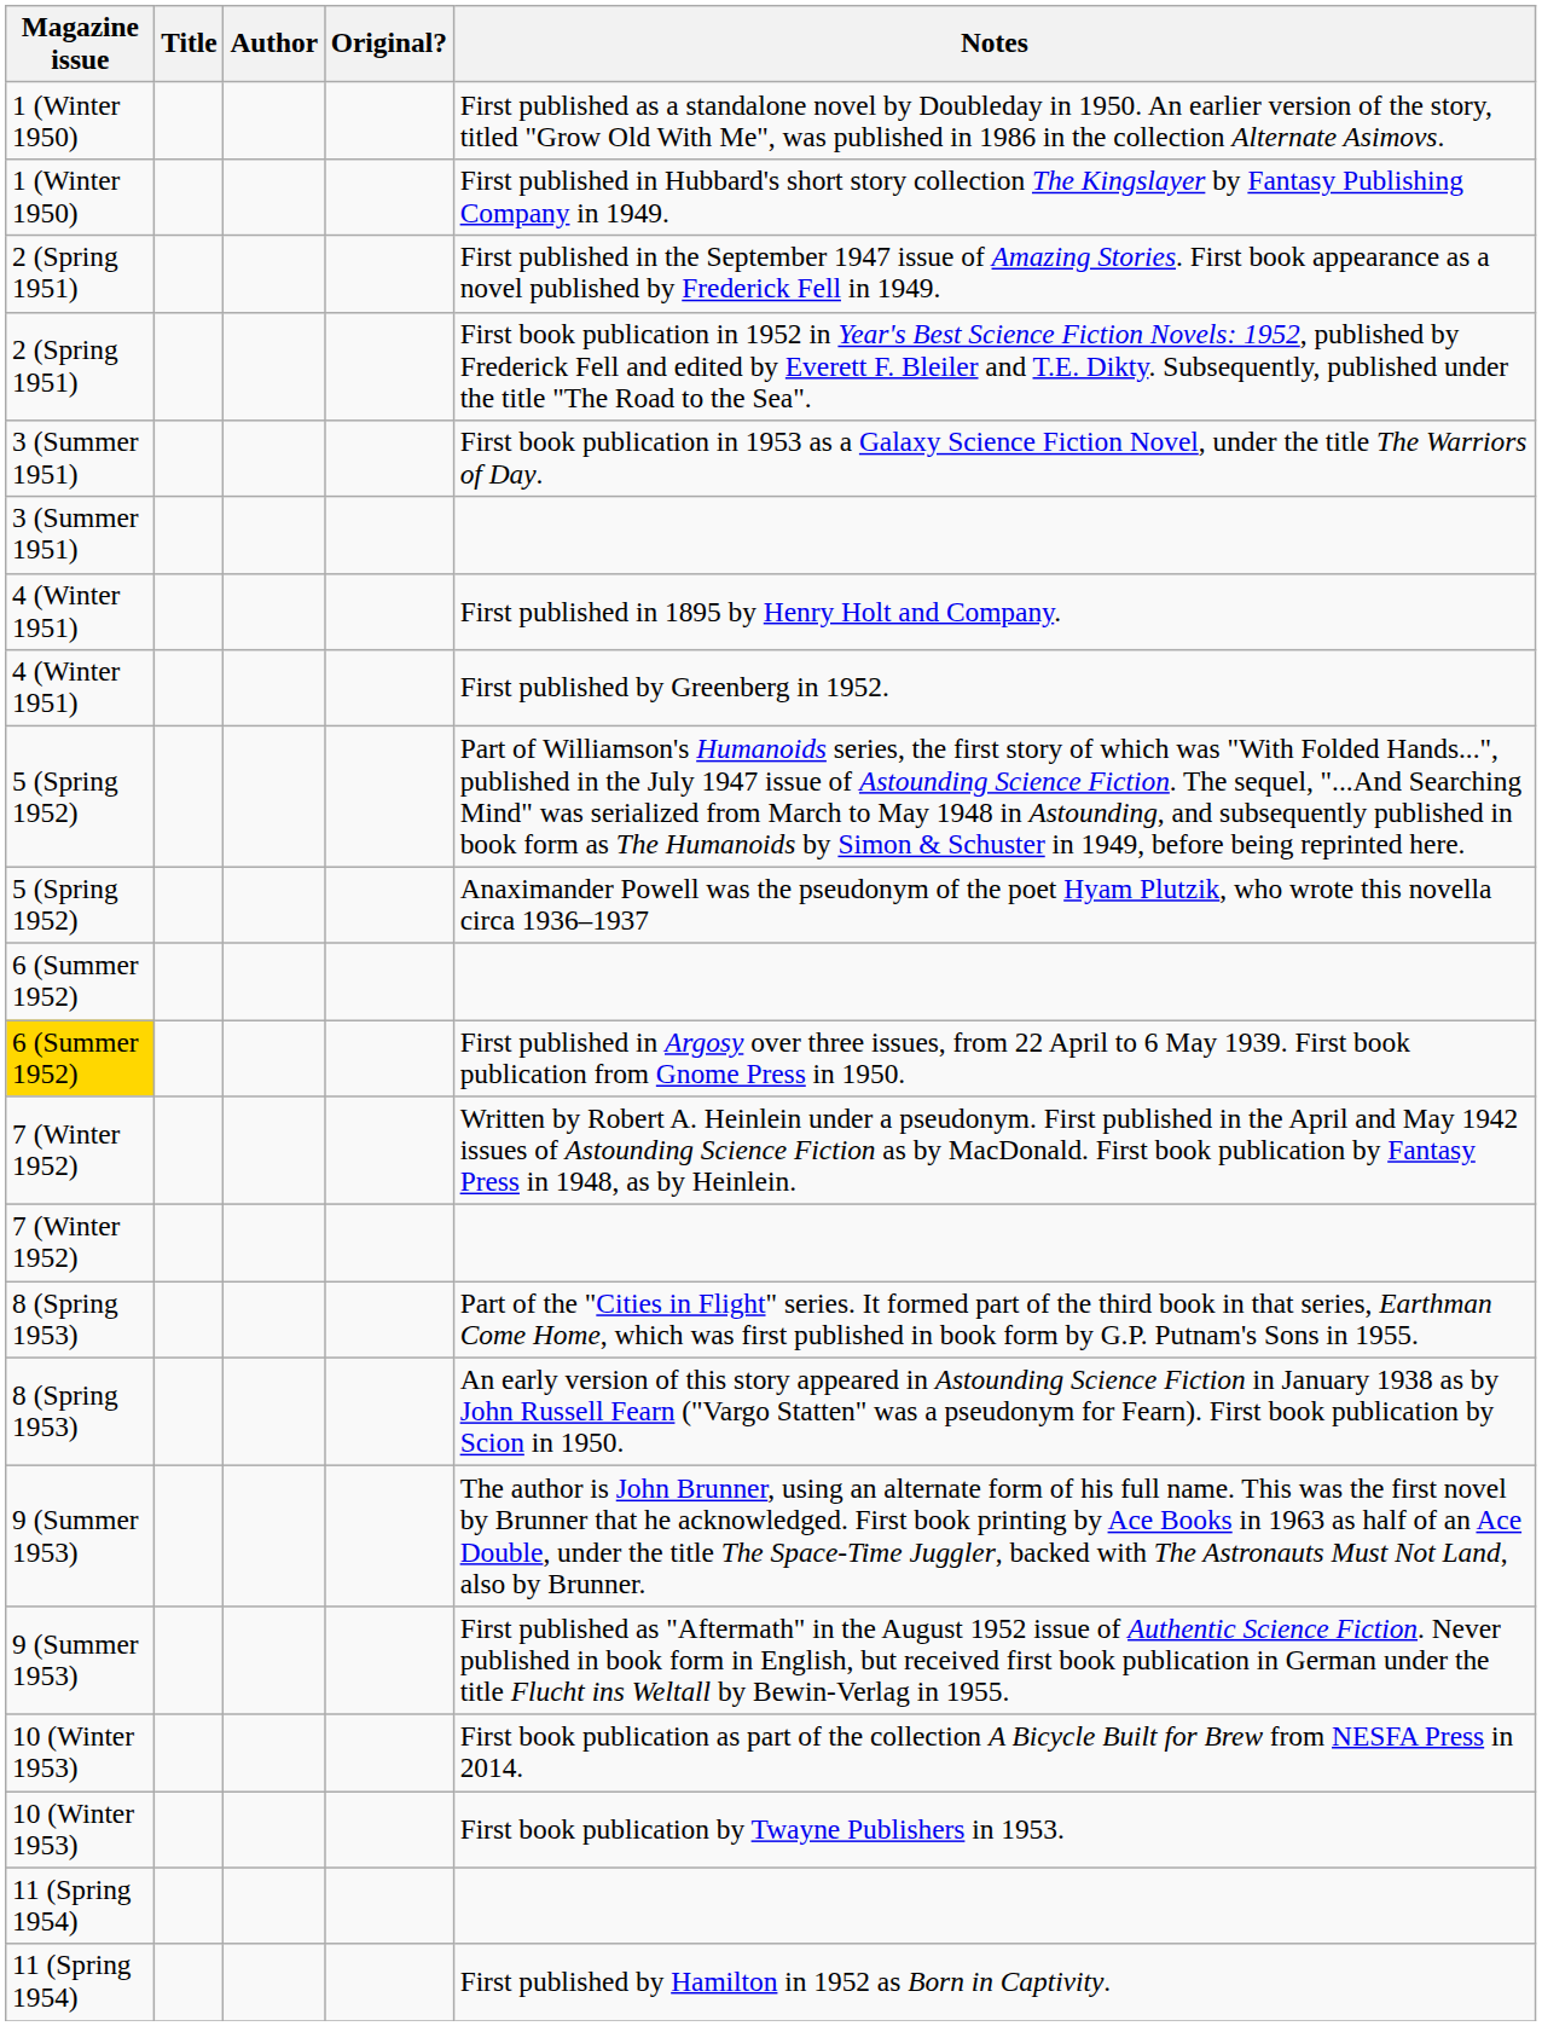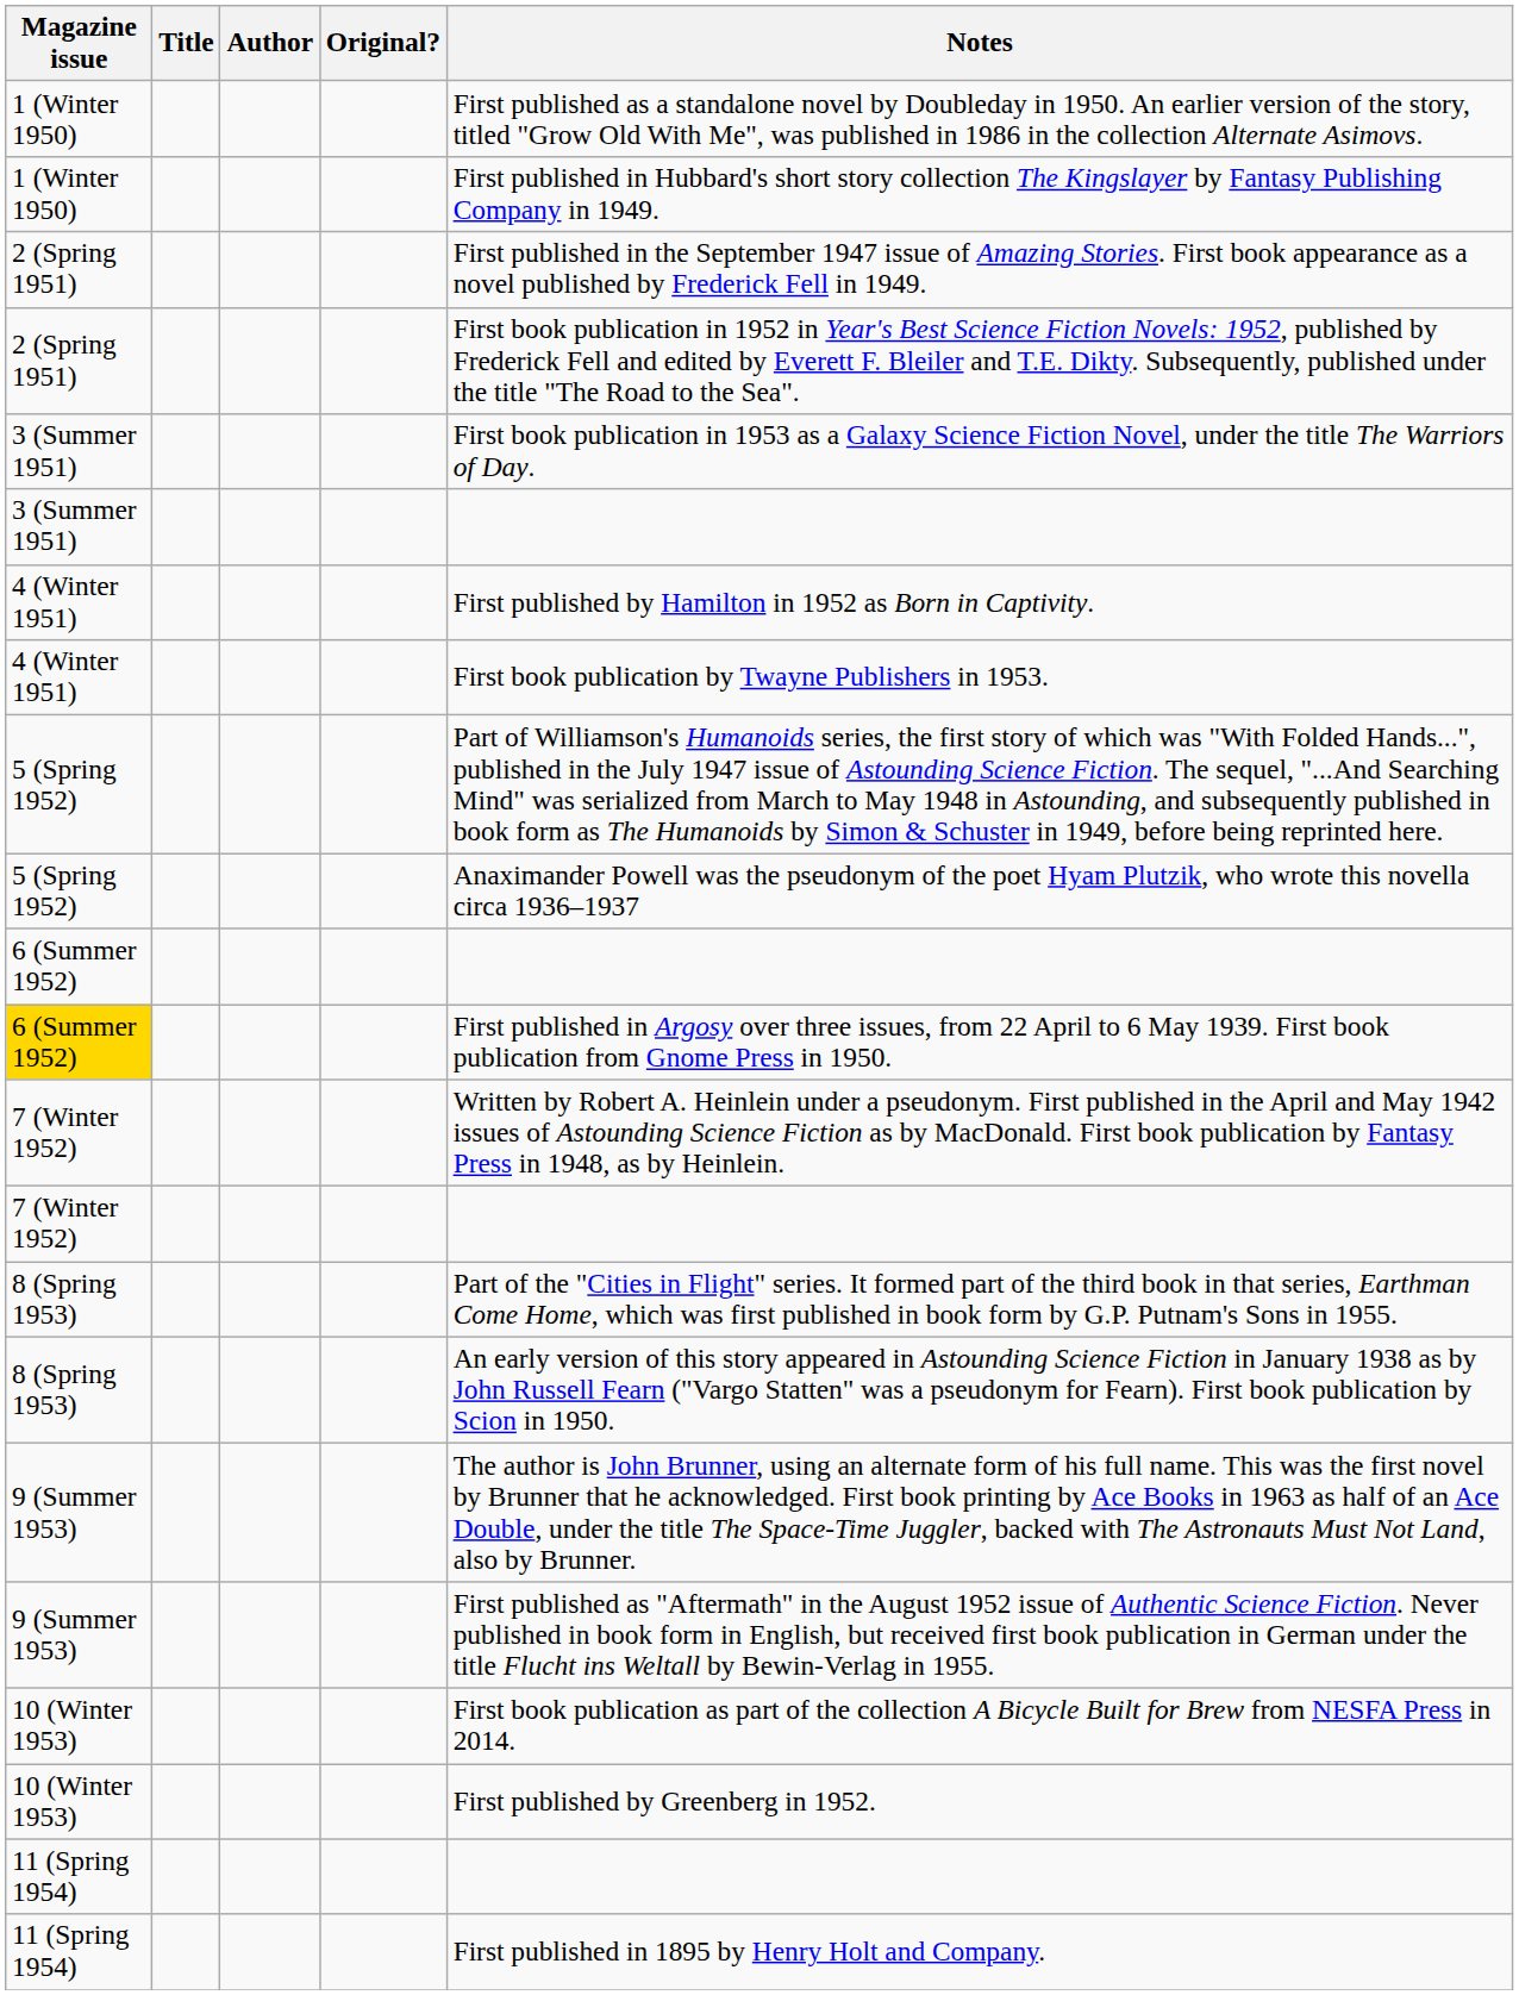 <table class="wikitable sortable">
 <tr>
 <th>Magazine issue</th>
 <th>Title</th>
 <th>Author</th>
 <th>Original?</th>
 <th class="unsortable">Notes</th>
 </tr>
 <tr>
 <td>1 (Winter 1950)</td>
 <td></td>
 <td></td>
 <td></td>
 <td>First published as a standalone novel by Doubleday in 1950.  An earlier version of the story, titled "Grow Old With Me", was published in 1986 in the collection <em>Alternate Asimovs</em>.</td>
 </tr>
 <tr>
 <td>1 (Winter 1950)</td>
 <td></td>
 <td></td>
 <td></td>
 <td>First published in Hubbard's short story collection <em><a href='#'>The Kingslayer</a></em> by <a href='#'>Fantasy Publishing Company</a> in 1949.</td>
 </tr>
 <tr>
 <td>2 (Spring 1951)</td>
 <td></td>
 <td></td>
 <td></td>
 <td>First published in the September 1947 issue of <em><a href='#'>Amazing Stories</a></em>.  First book appearance as a novel published by <a href='#'>Frederick Fell</a> in 1949.</td>
 </tr>
 <tr>
 <td>2 (Spring 1951)</td>
 <td></td>
 <td></td>
 <td></td>
 <td>First book publication in 1952 in <em><a href='#'>Year's Best Science Fiction Novels: 1952</a></em>, published by Frederick Fell and edited by <a href='#'>Everett F. Bleiler</a> and <a href='#'>T.E. Dikty</a>.  Subsequently, published under the title "The Road to the Sea".</td>
 </tr>
 <tr>
 <td>3 (Summer 1951)</td>
 <td></td>
 <td></td>
 <td></td>
 <td>First book publication in 1953 as a <a href='#'>Galaxy Science Fiction Novel</a>, under the title <em>The Warriors of Day</em>.</td>
 </tr>
 <tr>
 <td>3 (Summer 1951)</td>
 <td></td>
 <td></td>
 <td></td>
 <td></td>
 </tr>
 <tr>
 <td>4 (Winter 1951)</td>
 <td></td>
 <td></td>
 <td></td>
-<td>First published in 1895 by <a href='#'>Henry Holt and Company</a>.</td>
+<td>First published by <a href='#'>Hamilton</a> in 1952 as <em>Born in Captivity</em>.</td>
 </tr>
 <tr>
 <td>4 (Winter 1951)</td>
 <td></td>
 <td></td>
 <td></td>
-<td>First published by Greenberg in 1952.</td>
+<td>First book publication by <a href='#'>Twayne Publishers</a> in 1953.</td>
 </tr>
 <tr>
 <td>5 (Spring 1952)</td>
 <td></td>
 <td></td>
 <td></td>
 <td>Part of Williamson's <em><a href='#'>Humanoids</a></em> series, the first story of which was "With Folded Hands...", published in the July 1947 issue of <em><a href='#'>Astounding Science Fiction</a></em>.  The sequel, "...And Searching Mind" was serialized from March to May 1948 in <em>Astounding</em>, and subsequently published in book form as <em>The Humanoids</em> by <a href='#'>Simon & Schuster</a> in 1949, before being reprinted here.</td>
 </tr>
 <tr>
 <td>5 (Spring 1952)</td>
 <td></td>
 <td></td>
 <td></td>
 <td>Anaximander Powell was the pseudonym of the poet <a href='#'>Hyam Plutzik</a>, who wrote this novella circa 1936–1937 </td>
 </tr>
 <tr>
 <td>6 (Summer 1952)</td>
 <td></td>
 <td></td>
 <td></td>
 <td></td>
 </tr>
 <tr>
 <td style="background: gold;">6 (Summer 1952)</td>
 <td></td>
 <td></td>
 <td></td>
 <td>First published in <em><a href='#'>Argosy</a></em> over three issues, from 22 April to 6 May 1939.  First book publication from <a href='#'>Gnome Press</a> in 1950.</td>
 </tr>
 <tr>
 <td>7 (Winter 1952)</td>
 <td></td>
 <td></td>
 <td></td>
 <td>Written by Robert A. Heinlein under a pseudonym.  First published in the April and May 1942 issues of <em>Astounding Science Fiction</em> as by MacDonald.  First book publication by <a href='#'>Fantasy Press</a> in 1948, as by Heinlein.</td>
 </tr>
 <tr>
 <td>7 (Winter 1952)</td>
 <td></td>
 <td></td>
 <td></td>
 <td></td>
 </tr>
 <tr>
 <td>8 (Spring 1953)</td>
 <td></td>
 <td></td>
 <td></td>
 <td>Part of the "<a href='#'>Cities in Flight</a>" series. It formed part of the third book in that series, <em>Earthman Come Home</em>, which was first published in book form by G.P. Putnam's Sons in 1955.</td>
 </tr>
 <tr>
 <td>8 (Spring 1953)</td>
 <td></td>
 <td></td>
 <td></td>
 <td>An early version of this story appeared in <em>Astounding Science Fiction</em> in January 1938 as by <a href='#'>John Russell Fearn</a> ("Vargo Statten" was a pseudonym for Fearn).  First book publication by <a href='#'>Scion</a> in 1950.</td>
 </tr>
 <tr>
 <td>9 (Summer 1953)</td>
 <td></td>
 <td></td>
 <td></td>
 <td>The author is <a href='#'>John Brunner</a>, using an alternate form of his full name.  This was the first novel by Brunner that he acknowledged.  First book printing by <a href='#'>Ace Books</a> in 1963 as half of an <a href='#'>Ace Double</a>, under the title <em>The Space-Time Juggler</em>, backed with <em>The Astronauts Must Not Land</em>, also by Brunner.</td>
 </tr>
 <tr>
 <td>9 (Summer 1953)</td>
 <td></td>
 <td></td>
 <td></td>
 <td>First published as "Aftermath" in the August 1952 issue of <em><a href='#'>Authentic Science Fiction</a></em>.  Never published in book form in English, but received first book publication in German under the title <em>Flucht ins Weltall</em> by Bewin-Verlag in 1955.</td>
 </tr>
 <tr>
 <td>10 (Winter 1953)</td>
 <td></td>
 <td></td>
 <td></td>
 <td>First book publication as part of the collection <em>A Bicycle Built for Brew</em> from <a href='#'>NESFA Press</a> in 2014.</td>
 </tr>
 <tr>
 <td>10 (Winter 1953)</td>
 <td></td>
 <td></td>
 <td></td>
-<td>First book publication by <a href='#'>Twayne Publishers</a> in 1953.</td>
+<td>First published by Greenberg in 1952.</td>
 </tr>
 <tr>
 <td>11 (Spring 1954)</td>
 <td></td>
 <td></td>
 <td></td>
 <td></td>
 </tr>
 <tr>
 <td>11 (Spring 1954)</td>
 <td></td>
 <td></td>
 <td></td>
-<td>First published by <a href='#'>Hamilton</a> in 1952 as <em>Born in Captivity</em>.</td>
+<td>First published in 1895 by <a href='#'>Henry Holt and Company</a>.</td>
 </tr>
 </table>
